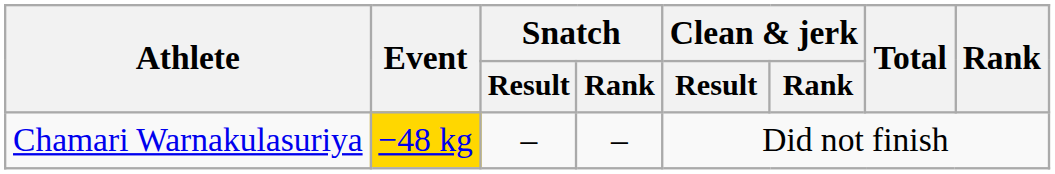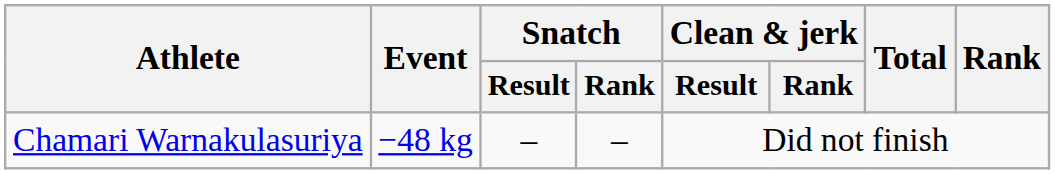 <table class="wikitable" style="font-size:90%">
 <tr>
 <th rowspan=2>Athlete</th>
 <th rowspan=2>Event</th>
 <th colspan="2">Snatch</th>
 <th colspan="2">Clean & jerk</th>
 <th rowspan="2">Total</th>
 <th rowspan="2">Rank</th>
 </tr>
 <tr style="font-size:90%">
 <th>Result</th>
 <th>Rank</th>
 <th>Result</th>
 <th>Rank</th>
 </tr>
 <tr align=center>
 <td align=left><a href='#'>Chamari Warnakulasuriya</a></td>
-<td align=left style="background: gold;"><a href='#'>−48 kg</a></td>
+<td align=left><a href='#'>−48 kg</a></td>
 <td>–</td>
 <td>–</td>
 <td colspan="4">Did not finish</td>
 </tr>
 </table>
